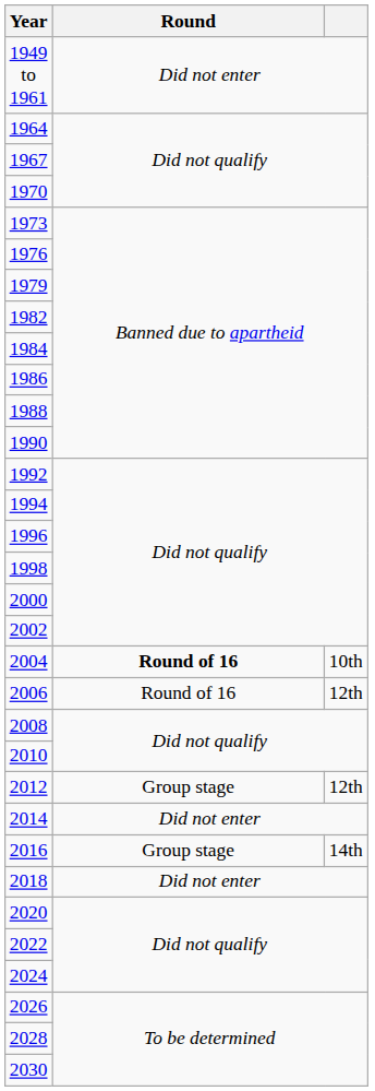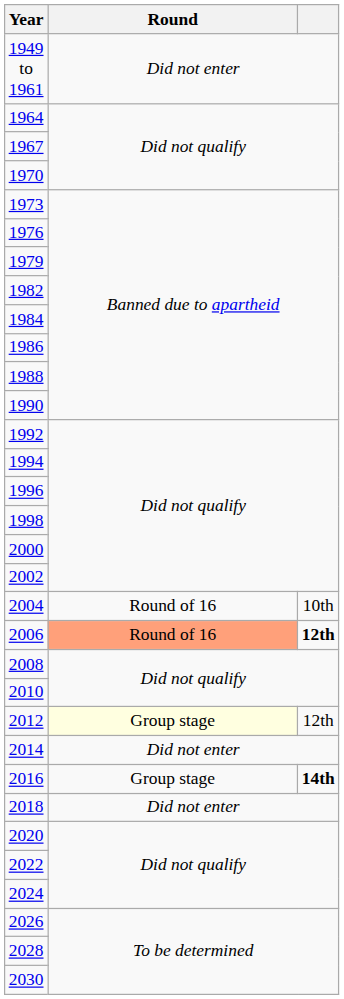 <table class="wikitable" style="text-align: center; font-size:90%">
 <tr>
 <th>Year</th>
 <th style="width:200px">Round</th>
 <th></th>
 </tr>
 <tr>
 <td><a href='#'>1949</a><br>to<br><a href='#'>1961</a></td>
 <td colspan="2"><em>Did not enter</em></td>
 </tr>
 <tr>
 <td><a href='#'>1964</a></td>
 <td colspan="2" rowspan="3"><em>Did not qualify</em></td>
 </tr>
 <tr>
 <td><a href='#'>1967</a></td>
 </tr>
 <tr>
 <td><a href='#'>1970</a></td>
 </tr>
 <tr>
 <td><a href='#'>1973</a></td>
 <td colspan="2" rowspan="8"><em>Banned due to <a href='#'>apartheid</a></em></td>
 </tr>
 <tr>
 <td><a href='#'>1976</a></td>
 </tr>
 <tr>
 <td><a href='#'>1979</a></td>
 </tr>
 <tr>
 <td><a href='#'>1982</a></td>
 </tr>
 <tr>
 <td><a href='#'>1984</a></td>
 </tr>
 <tr>
 <td><a href='#'>1986</a></td>
 </tr>
 <tr>
 <td><a href='#'>1988</a></td>
 </tr>
 <tr>
 <td><a href='#'>1990</a></td>
 </tr>
 <tr>
 <td><a href='#'>1992</a></td>
 <td colspan="2" rowspan="6"><em>Did not qualify</em></td>
 </tr>
 <tr>
 <td><a href='#'>1994</a></td>
 </tr>
 <tr>
 <td><a href='#'>1996</a></td>
 </tr>
 <tr>
 <td><a href='#'>1998</a></td>
 </tr>
 <tr>
 <td><a href='#'>2000</a></td>
 </tr>
 <tr>
 <td><a href='#'>2002</a></td>
 </tr>
 <tr>
 <td><a href='#'>2004</a></td>
-<td><strong>Round of 16</strong></td>
+<td>Round of 16</td>
 <td>10th</td>
 </tr>
 <tr>
 <td><a href='#'>2006</a></td>
-<td>Round of 16</td>
-<td>12th</td>
+<td style="background: lightsalmon;">Round of 16</td>
+<td><strong>12th</strong></td>
 </tr>
 <tr>
 <td><a href='#'>2008</a></td>
 <td colspan="2" rowspan="2"><em>Did not qualify</em></td>
 </tr>
 <tr>
 <td><a href='#'>2010</a></td>
 </tr>
 <tr>
 <td><a href='#'>2012</a></td>
-<td>Group stage</td>
+<td style="background: lightyellow;">Group stage</td>
 <td>12th</td>
 </tr>
 <tr>
 <td><a href='#'>2014</a></td>
 <td colspan="2"><em>Did not enter</em></td>
 </tr>
 <tr>
 <td><a href='#'>2016</a></td>
 <td>Group stage</td>
-<td>14th</td>
+<td><strong>14th</strong></td>
 </tr>
 <tr>
 <td><a href='#'>2018</a></td>
 <td colspan="2"><em>Did not enter</em></td>
 </tr>
 <tr>
 <td><a href='#'>2020</a></td>
 <td colspan="2" rowspan="3"><em>Did not qualify</em></td>
 </tr>
 <tr>
 <td><a href='#'>2022</a></td>
 </tr>
 <tr>
 <td><a href='#'>2024</a></td>
 </tr>
 <tr>
 <td><a href='#'>2026</a></td>
 <td colspan="2" rowspan="3"><em>To be determined</em></td>
 </tr>
 <tr>
 <td><a href='#'>2028</a></td>
 </tr>
 <tr>
 <td><a href='#'>2030</a></td>
 </tr>
 </table>
